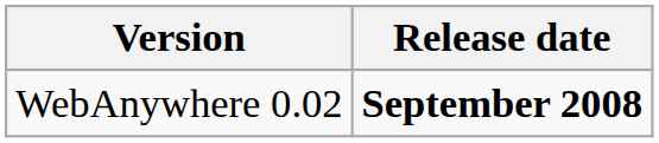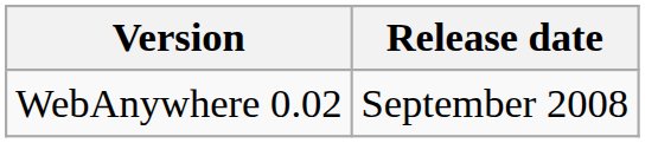 <table class="wikitable" border="1">
 <tr>
 <th>Version</th>
 <th>Release date</th>
 </tr>
 <tr>
 <td>WebAnywhere 0.02</td>
-<td><strong>September 2008</strong></td>
+<td>September 2008</td>
 </tr>
 </table>
